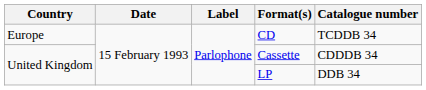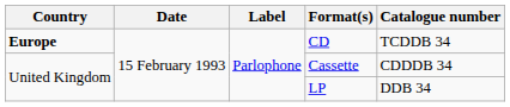 <table class="wikitable">
 <tr>
 <th>Country</th>
 <th>Date</th>
 <th>Label</th>
 <th>Format(s)</th>
 <th>Catalogue number</th>
 </tr>
 <tr>
-<td>Europe</td>
+<td><strong>Europe</strong></td>
 <td rowspan="3">15 February 1993</td>
 <td rowspan="3"><a href='#'>Parlophone</a></td>
 <td><a href='#'>CD</a></td>
 <td>TCDDB 34</td>
 </tr>
 <tr>
 <td rowspan="2">United Kingdom</td>
 <td><a href='#'>Cassette</a></td>
 <td>CDDDB 34</td>
 </tr>
 <tr>
 <td><a href='#'>LP</a></td>
 <td>DDB 34</td>
 </tr>
 </table>
